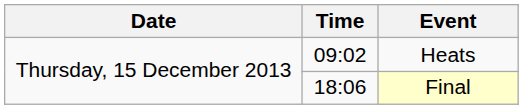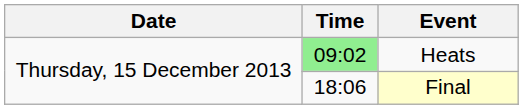 <table class = "wikitable" style="text-align:center;">
 <tr>
 <th width=220>Date</th>
 <th width=50>Time</th>
 <th width=100>Event</th>
 </tr>
 <tr>
 <td rowspan=2>Thursday, 15 December 2013</td>
-<td>09:02</td>
+<td style="background: lightgreen;">09:02</td>
 <td>Heats</td>
 </tr>
 <tr>
 <td>18:06</td>
 <td bgcolor=ffffcc>Final</td>
 </tr>
 </table>
